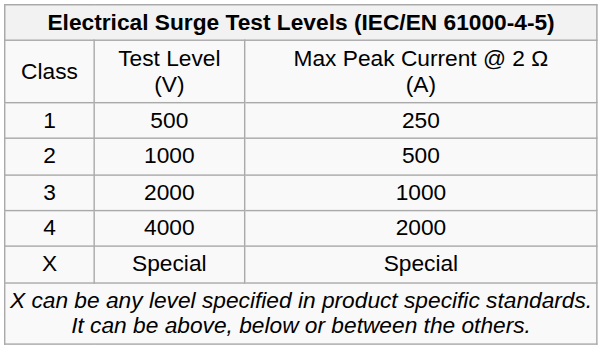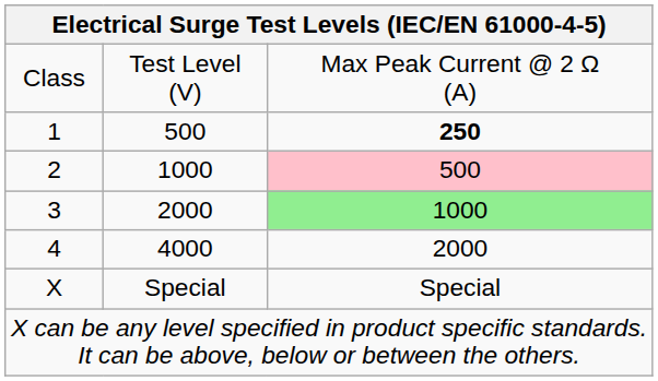 <table class="wikitable">
 <tr align=center bgcolor="#CCCCCC">
 <th colspan=10>Electrical Surge Test Levels (IEC/EN 61000-4-5)</th>
 </tr>
 <tr align=center>
 <td>Class</td>
 <td>Test Level<br>(V)</td>
 <td>Max Peak Current @ 2 Ω<br>(A)</td>
 </tr>
 <tr align=center>
 <td>1</td>
 <td>500</td>
-<td>250</td>
+<td><strong>250</strong></td>
 </tr>
 <tr align=center>
 <td>2</td>
 <td>1000</td>
-<td>500</td>
+<td style="background: pink;">500</td>
 </tr>
 <tr align=center>
 <td>3</td>
 <td>2000</td>
-<td>1000</td>
+<td style="background: lightgreen;">1000</td>
 </tr>
 <tr align=center>
 <td>4</td>
 <td>4000</td>
 <td>2000</td>
 </tr>
 <tr align=center>
 <td>X</td>
 <td>Special</td>
 <td>Special</td>
 </tr>
 <tr align="center">
 <td colspan="3"><em>X can be any level specified in product specific standards. <br> It can be above, below or between the others.</em></td>
 </tr>
 </table>
